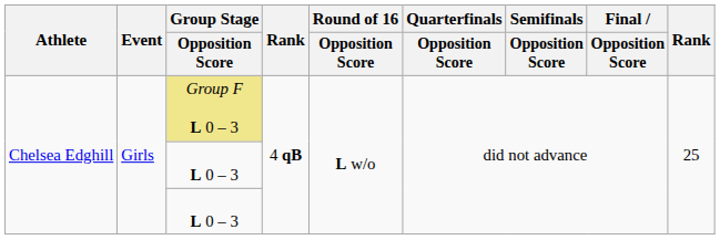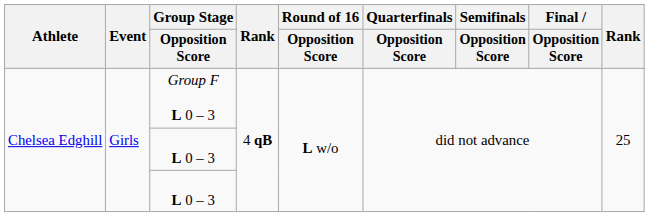 <table class=wikitable style="font-size:90%">
 <tr>
 <th rowspan="2">Athlete</th>
 <th rowspan="2">Event</th>
 <th>Group Stage</th>
 <th rowspan="2">Rank</th>
 <th>Round of 16</th>
 <th>Quarterfinals</th>
 <th>Semifinals</th>
 <th>Final / </th>
 <th rowspan=2>Rank</th>
 </tr>
 <tr style="font-size:95%">
 <th>Opposition<br>Score</th>
 <th>Opposition<br>Score</th>
 <th>Opposition<br>Score</th>
 <th>Opposition<br>Score</th>
 <th>Opposition<br>Score</th>
 </tr>
 <tr align=center>
 <td align=left rowspan=3><a href='#'>Chelsea Edghill</a></td>
 <td align=left rowspan=3><a href='#'>Girls</a></td>
-<td style="background: khaki;"><em>Group F</em><br><br><strong>L</strong> 0 – 3</td>
+<td><em>Group F</em><br><br><strong>L</strong> 0 – 3</td>
 <td rowspan=3>4 <strong>qB</strong></td>
 <td rowspan=3><br><strong>L</strong> w/o</td>
 <td rowspan=3 colspan=3>did not advance</td>
 <td rowspan=3>25</td>
 </tr>
 <tr align=center>
 <td><br><strong>L</strong> 0 – 3</td>
 </tr>
 <tr align=center>
 <td><br><strong>L</strong> 0 – 3</td>
 </tr>
 </table>
